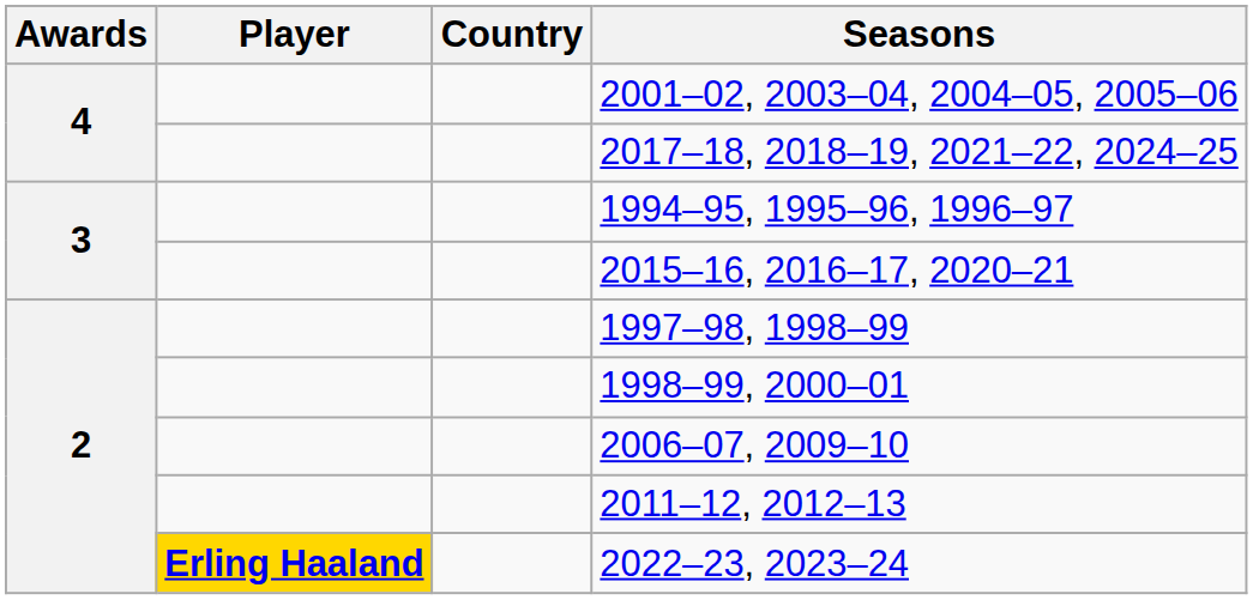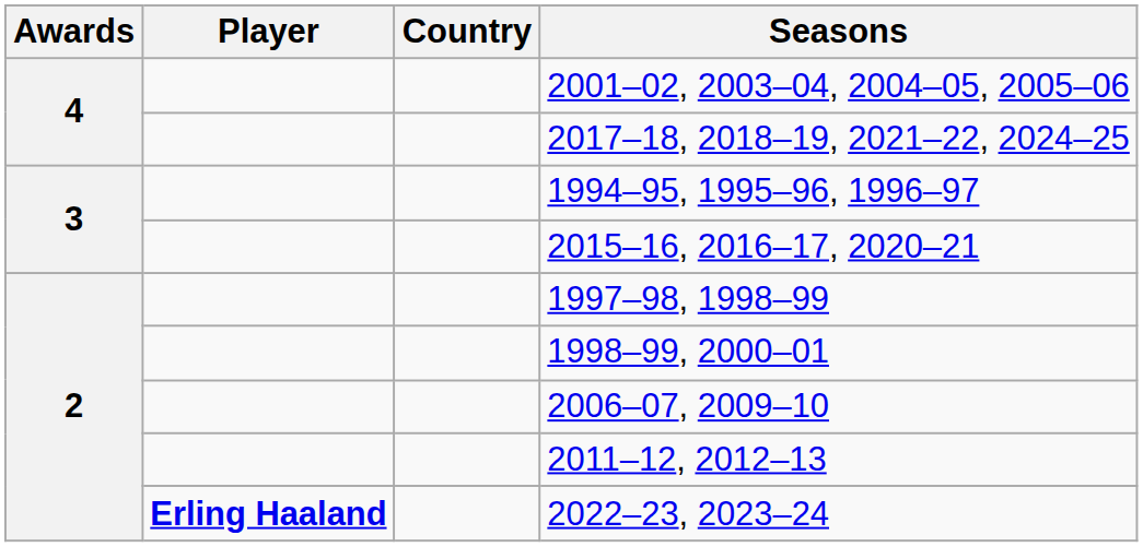 <table class="wikitable">
 <tr>
 <th>Awards</th>
 <th>Player</th>
 <th>Country</th>
 <th>Seasons</th>
 </tr>
 <tr>
 <th rowspan="2">4</th>
 <td></td>
 <td></td>
 <td><a href='#'>2001–02</a>, <a href='#'>2003–04</a>, <a href='#'>2004–05</a>, <a href='#'>2005–06</a></td>
 </tr>
 <tr>
 <td><strong></strong></td>
 <td></td>
 <td><a href='#'>2017–18</a>, <a href='#'>2018–19</a>, <a href='#'>2021–22</a>, <a href='#'>2024–25</a></td>
 </tr>
 <tr>
 <th rowspan="2">3</th>
 <td></td>
 <td></td>
 <td><a href='#'>1994–95</a>, <a href='#'>1995–96</a>, <a href='#'>1996–97</a></td>
 </tr>
 <tr>
 <td></td>
 <td></td>
 <td><a href='#'>2015–16</a>, <a href='#'>2016–17</a>, <a href='#'>2020–21</a></td>
 </tr>
 <tr>
 <th rowspan="5">2</th>
 <td></td>
 <td></td>
 <td><a href='#'>1997–98</a>, <a href='#'>1998–99</a></td>
 </tr>
 <tr>
 <td></td>
 <td></td>
 <td><a href='#'>1998–99</a>, <a href='#'>2000–01</a></td>
 </tr>
 <tr>
 <td></td>
 <td></td>
 <td><a href='#'>2006–07</a>, <a href='#'>2009–10</a></td>
 </tr>
 <tr>
 <td></td>
 <td></td>
 <td><a href='#'>2011–12</a>, <a href='#'>2012–13</a></td>
 </tr>
 <tr>
-<td style="background: gold;"><strong><a href='#'>Erling Haaland</a></strong></td>
+<td><strong><a href='#'>Erling Haaland</a></strong></td>
 <td></td>
 <td><a href='#'>2022–23</a>, <a href='#'>2023–24</a></td>
 </tr>
 </table>
